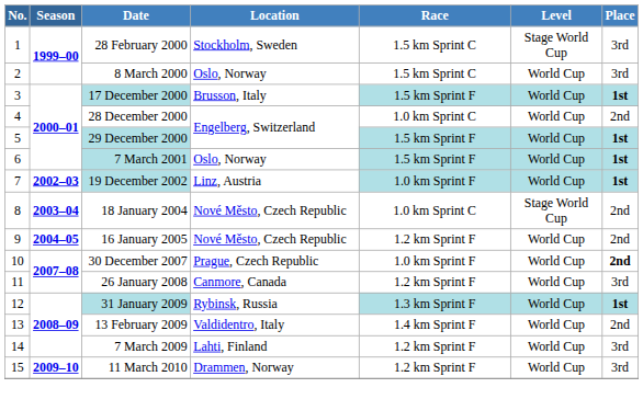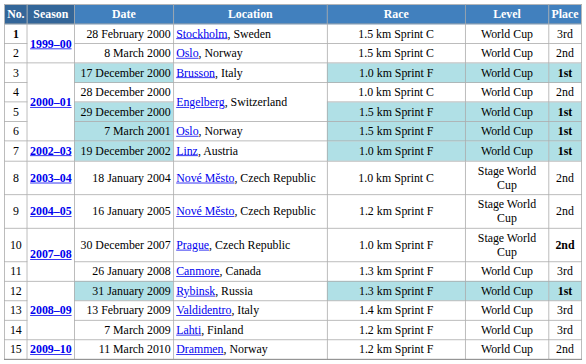 <table class="wikitable sortable" style="font-size:95%; text-align:center; border:grey solid 1px; border-collapse:collapse; background:#ffffff;">
 <tr style="background:#efefef;">
 <th style="background-color:#369; color:white;">No.</th>
 <th style="background-color:#369; color:white;">Season</th>
 <th style="background-color:#4180be; color:white; width:120px;">Date</th>
 <th style="background-color:#4180be; color:white; width:190px;">Location</th>
 <th style="background-color:#4180be; color:white; width:170px;">Race</th>
 <th style="background-color:#4180be; color:white; width:100px;">Level</th>
 <th style="background-color:#4180be; color:white;">Place</th>
 </tr>
 <tr>
-<td align=center>1</td>
+<td align=center><strong>1</strong></td>
 <td rowspan=2 align=center><strong><a href='#'>1999–00</a></strong></td>
 <td align=right>28 February 2000</td>
 <td align=left> <a href='#'>Stockholm</a>, Sweden</td>
 <td>1.5 km Sprint C</td>
-<td>Stage World Cup</td>
+<td>World Cup</td>
 <td>3rd</td>
 </tr>
 <tr>
 <td align=center>2</td>
 <td align=right>8 March 2000</td>
 <td align=left> <a href='#'>Oslo</a>, Norway</td>
 <td>1.5 km Sprint C</td>
 <td>World Cup</td>
-<td>3rd</td>
+<td>2nd</td>
 </tr>
 <tr>
 <td align=center>3</td>
 <td rowspan=4 align=center><strong><a href='#'>2000–01</a></strong></td>
 <td bgcolor="#BOEOE6" align=right>17 December 2000</td>
 <td align=left> <a href='#'>Brusson</a>, Italy</td>
-<td bgcolor="#BOEOE6">1.5 km Sprint F</td>
+<td bgcolor="#BOEOE6">1.0 km Sprint F</td>
 <td bgcolor="#BOEOE6">World Cup</td>
 <td bgcolor="#BOEOE6"><strong>1st</strong></td>
 </tr>
 <tr>
 <td align=center>4</td>
 <td align=right>28 December 2000</td>
 <td rowspan=2 align=left> <a href='#'>Engelberg</a>, Switzerland</td>
 <td>1.0 km Sprint C</td>
 <td>World Cup</td>
 <td>2nd</td>
 </tr>
 <tr>
 <td align=center>5</td>
 <td bgcolor="#BOEOE6" align=right>29 December 2000</td>
 <td bgcolor="#BOEOE6">1.5 km Sprint F</td>
 <td bgcolor="#BOEOE6">World Cup</td>
 <td bgcolor="#BOEOE6"><strong>1st</strong></td>
 </tr>
 <tr>
 <td align=center>6</td>
 <td bgcolor="#BOEOE6" align=right>7 March 2001</td>
 <td align=left> <a href='#'>Oslo</a>, Norway</td>
 <td bgcolor="#BOEOE6">1.5 km Sprint F</td>
 <td bgcolor="#BOEOE6">World Cup</td>
 <td bgcolor="#BOEOE6"><strong>1st</strong></td>
 </tr>
 <tr>
 <td align=center>7</td>
 <td rowspan=1 align=center><strong><a href='#'>2002–03</a></strong></td>
 <td bgcolor="#BOEOE6" align=right>19 December 2002</td>
 <td align=left> <a href='#'>Linz</a>, Austria</td>
 <td bgcolor="#BOEOE6">1.0 km Sprint F</td>
 <td bgcolor="#BOEOE6">World Cup</td>
 <td bgcolor="#BOEOE6"><strong>1st</strong></td>
 </tr>
 <tr>
 <td align=center>8</td>
 <td rowspan=1 align=center><strong><a href='#'>2003–04</a></strong></td>
 <td align=right>18 January 2004</td>
 <td align=left> <a href='#'>Nové Město</a>, Czech Republic</td>
 <td>1.0 km Sprint C</td>
 <td>Stage World Cup</td>
 <td>2nd</td>
 </tr>
 <tr>
 <td align=center>9</td>
 <td rowspan=1 align=center><strong><a href='#'>2004–05</a></strong></td>
 <td align=right>16 January 2005</td>
 <td align=left> <a href='#'>Nové Město</a>, Czech Republic</td>
 <td>1.2 km Sprint F</td>
-<td>World Cup</td>
+<td>Stage World Cup</td>
 <td>2nd</td>
 </tr>
 <tr>
 <td align=center>10</td>
 <td rowspan=2 align=center><strong><a href='#'>2007–08</a></strong></td>
 <td align=right>30 December 2007</td>
 <td align=left> <a href='#'>Prague</a>, Czech Republic</td>
 <td>1.0 km Sprint F</td>
-<td>World Cup</td>
+<td>Stage World Cup</td>
 <td><strong>2nd</strong></td>
 </tr>
 <tr>
 <td align=center>11</td>
 <td align=right>26 January 2008</td>
 <td align=left> <a href='#'>Canmore</a>, Canada</td>
-<td>1.2 km Sprint F</td>
+<td>1.3 km Sprint F</td>
 <td>World Cup</td>
 <td>3rd</td>
 </tr>
 <tr>
 <td align=center>12</td>
 <td rowspan=3 align=center><strong><a href='#'>2008–09</a></strong></td>
 <td bgcolor="#BOEOE6" align=right>31 January 2009</td>
 <td align=left> <a href='#'>Rybinsk</a>, Russia</td>
 <td bgcolor="#BOEOE6">1.3 km Sprint F</td>
 <td bgcolor="#BOEOE6">World Cup</td>
 <td bgcolor="#BOEOE6"><strong>1st</strong></td>
 </tr>
 <tr>
 <td align=center>13</td>
 <td align=right>13 February 2009</td>
 <td align=left> <a href='#'>Valdidentro</a>, Italy</td>
 <td>1.4 km Sprint F</td>
 <td>World Cup</td>
-<td>2nd</td>
+<td>3rd</td>
 </tr>
 <tr>
 <td align=center>14</td>
 <td align=right>7 March 2009</td>
 <td align=left> <a href='#'>Lahti</a>, Finland</td>
 <td>1.2 km Sprint F</td>
 <td>World Cup</td>
 <td>3rd</td>
 </tr>
 <tr>
 <td align=center>15</td>
 <td rowspan=1 align=center><strong><a href='#'>2009–10</a></strong></td>
 <td align=right>11 March 2010</td>
 <td align=left> <a href='#'>Drammen</a>, Norway</td>
 <td>1.2 km Sprint F</td>
 <td>World Cup</td>
-<td>3rd</td>
+<td>2nd</td>
 </tr>
 <tr>
 </tr>
 </table>
